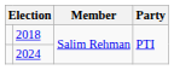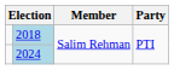 <table class="wikitable">
 <tr>
 <th colspan="2">Election</th>
 <th>Member</th>
 <th>Party</th>
 </tr>
 <tr>
 <td style="background-color: "></td>
-<td><a href='#'>2018</a></td>
+<td style="background: lightblue;"><a href='#'>2018</a></td>
 <td rowspan="2"><a href='#'>Salim Rehman</a></td>
 <td rowspan="2"><a href='#'>PTI</a></td>
 </tr>
 <tr>
 <td style="background-color: "></td>
-<td><a href='#'>2024</a></td>
+<td style="background: lightblue;"><a href='#'>2024</a></td>
 </tr>
 </table>
